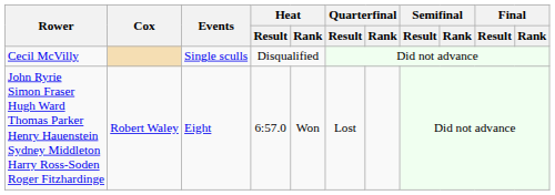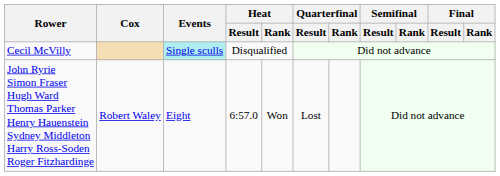 <table class=wikitable style="font-size:90%">
 <tr>
 <th rowspan="2">Rower</th>
 <th rowspan=2>Cox</th>
 <th rowspan=2>Events</th>
 <th colspan=2>Heat</th>
 <th colspan=2>Quarterfinal</th>
 <th colspan=2>Semifinal</th>
 <th colspan="2">Final</th>
 </tr>
 <tr>
 <th>Result</th>
 <th>Rank</th>
 <th>Result</th>
 <th>Rank</th>
 <th>Result</th>
 <th>Rank</th>
 <th>Result</th>
 <th>Rank</th>
 </tr>
 <tr>
 <td><a href='#'>Cecil McVilly</a></td>
 <td bgcolor=wheat></td>
-<td><a href='#'>Single sculls</a></td>
+<td style="background: paleturquoise;"><a href='#'>Single sculls</a></td>
 <td align=center colspan=2>Disqualified</td>
 <td align=center colspan=6 bgcolor=honeydew>Did not advance</td>
 </tr>
 <tr>
 <td><a href='#'>John Ryrie</a><br><a href='#'>Simon Fraser</a><br><a href='#'>Hugh Ward</a><br><a href='#'>Thomas Parker</a><br><a href='#'>Henry Hauenstein</a><br><a href='#'>Sydney Middleton</a><br><a href='#'>Harry Ross-Soden</a><br><a href='#'>Roger Fitzhardinge</a></td>
 <td><a href='#'>Robert Waley</a></td>
 <td><a href='#'>Eight</a></td>
 <td align=center>6:57.0</td>
 <td align=center>Won</td>
 <td align=center>Lost</td>
 <td align=center></td>
 <td align=center colspan=4 bgcolor=honeydew>Did not advance</td>
 </tr>
 </table>
